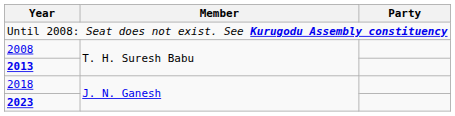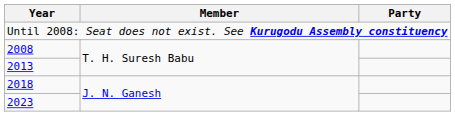 <table class="wikitable sortable">
 <tr>
 <th>Year</th>
 <th>Member</th>
 <th colspan="2">Party</th>
 </tr>
 <tr>
 <td colspan=4 align=center>Until 2008: <em>Seat does not exist. See <strong><a href='#'>Kurugodu Assembly constituency</a><strong><em></td>
 </tr>
 <tr>
 <td><a href='#'>2008</a></td>
 <td rowspan=2>T. H. Suresh Babu</td>
 <td></td>
 </tr>
 <tr>
-<td><strong><a href='#'>2013</a></strong></td>
+<td><a href='#'>2013</a></td>
 <td></td>
 </tr>
 <tr>
 <td><a href='#'>2018</a></td>
 <td rowspan=2><a href='#'>J. N. Ganesh</a></td>
 <td></td>
 </tr>
 <tr>
-<td><strong><a href='#'>2023</a></strong></td>
+<td><a href='#'>2023</a></td>
 </tr>
 </table>
